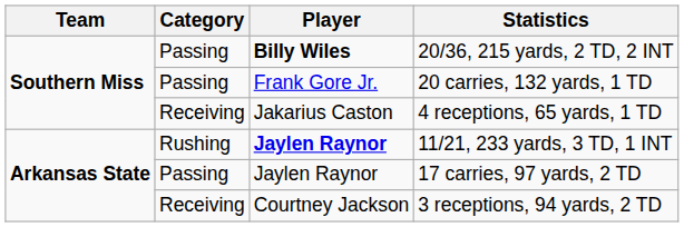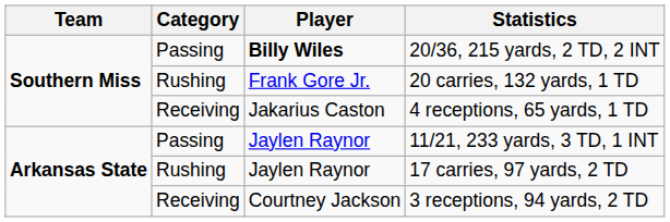 <table class="wikitable" style="float: right;">
 <tr>
 <th>Team</th>
 <th>Category</th>
 <th>Player</th>
 <th>Statistics</th>
 </tr>
 <tr>
 <td rowspan=3><strong>Southern Miss</strong></td>
 <td>Passing</td>
 <td><strong>Billy Wiles</strong></td>
 <td>20/36, 215 yards, 2 TD, 2 INT</td>
 </tr>
 <tr>
-<td>Passing</td>
+<td>Rushing</td>
 <td><a href='#'>Frank Gore Jr.</a></td>
 <td>20 carries, 132 yards, 1 TD</td>
 </tr>
 <tr>
 <td>Receiving</td>
 <td>Jakarius Caston</td>
 <td>4 receptions, 65 yards, 1 TD</td>
 </tr>
 <tr>
 <td rowspan=3><strong>Arkansas State</strong></td>
-<td>Rushing</td>
-<td><strong><a href='#'>Jaylen Raynor</a></strong></td>
+<td>Passing</td>
+<td><a href='#'>Jaylen Raynor</a></td>
 <td>11/21, 233 yards, 3 TD, 1 INT</td>
 </tr>
 <tr>
-<td>Passing</td>
+<td>Rushing</td>
 <td>Jaylen Raynor</td>
 <td>17 carries, 97 yards, 2 TD</td>
 </tr>
 <tr>
 <td>Receiving</td>
 <td>Courtney Jackson</td>
 <td>3 receptions, 94 yards, 2 TD</td>
 </tr>
 </table>
